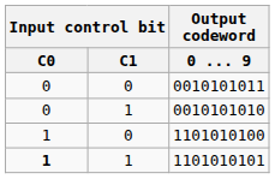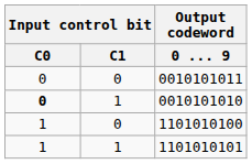 <table class="wikitable" style="text-align:center;">
 <tr>
 <th colspan="2">Input control bit</th>
 <th>Output<br>codeword<br></th>
 </tr>
 <tr>
 <th>C0</th>
 <th>C1</th>
 <th>0 ... 9</th>
 </tr>
 <tr>
 <td>0</td>
 <td>0</td>
 <td>0010101011</td>
 </tr>
 <tr>
-<td>0</td>
+<td><strong>0</strong></td>
 <td>1</td>
 <td>0010101010</td>
 </tr>
 <tr>
 <td>1</td>
 <td>0</td>
 <td>1101010100</td>
 </tr>
 <tr>
-<td><strong>1</strong></td>
+<td>1</td>
 <td>1</td>
 <td>1101010101</td>
 </tr>
 </table>
